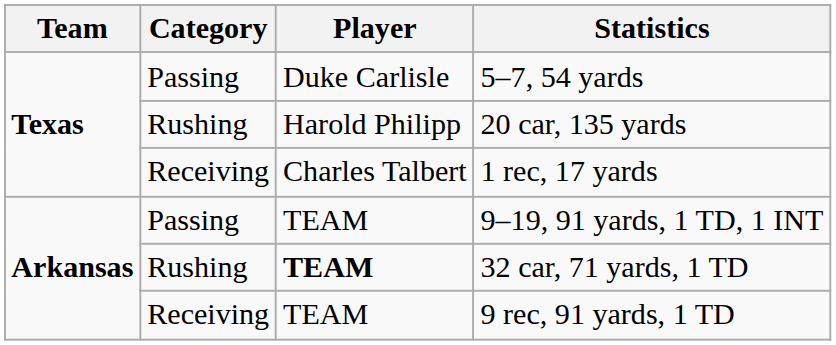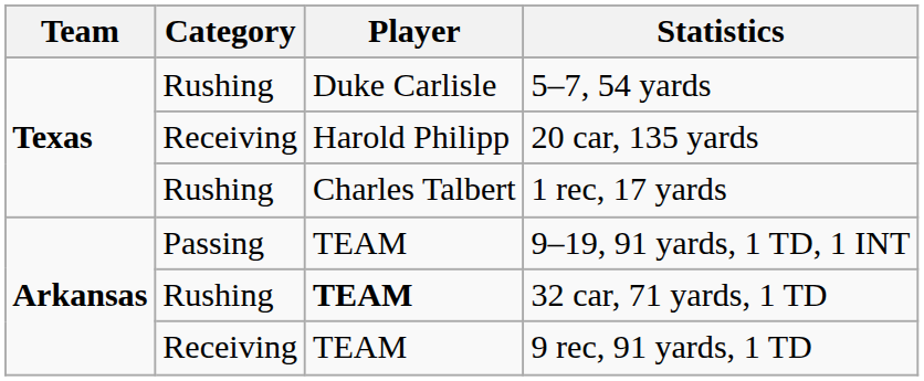 <table class="wikitable" style="float: right;">
 <tr>
 <th>Team</th>
 <th>Category</th>
 <th>Player</th>
 <th>Statistics</th>
 </tr>
 <tr>
 <td rowspan=3><strong>Texas</strong></td>
-<td>Passing</td>
+<td>Rushing</td>
 <td>Duke Carlisle</td>
 <td>5–7, 54 yards</td>
 </tr>
 <tr>
-<td>Rushing</td>
+<td>Receiving</td>
 <td>Harold Philipp</td>
 <td>20 car, 135 yards</td>
 </tr>
 <tr>
-<td>Receiving</td>
+<td>Rushing</td>
 <td>Charles Talbert</td>
 <td>1 rec, 17 yards</td>
 </tr>
 <tr>
 <td rowspan=3><strong>Arkansas</strong></td>
 <td>Passing</td>
 <td>TEAM</td>
 <td>9–19, 91 yards, 1 TD, 1 INT</td>
 </tr>
 <tr>
 <td>Rushing</td>
 <td><strong>TEAM</strong></td>
 <td>32 car, 71 yards, 1 TD</td>
 </tr>
 <tr>
 <td>Receiving</td>
 <td>TEAM</td>
 <td>9 rec, 91 yards, 1 TD</td>
 </tr>
 </table>
